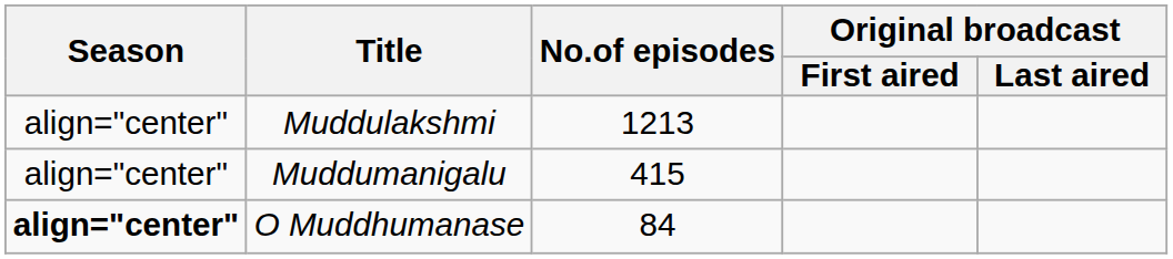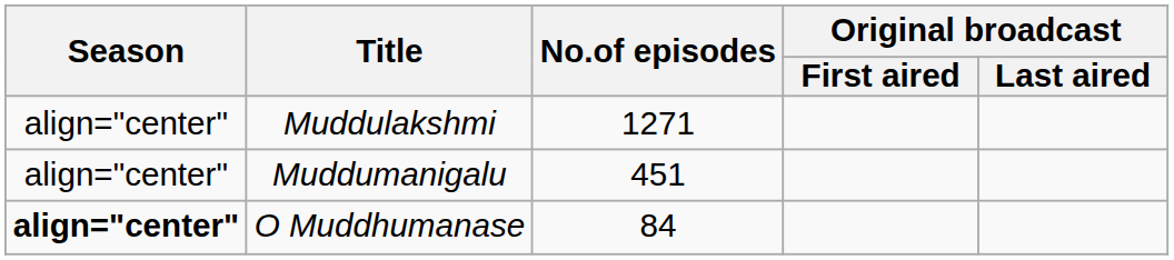 <table class="wikitable" style="text-align:center">
 <tr>
 <th style="padding: 0 8px" rowspan="2">Season</th>
 <th style="padding: 0 8px" rowspan="2">Title</th>
 <th rowspan="2">No.of episodes</th>
 <th colspan="2">Original broadcast</th>
 </tr>
 <tr>
 <th style="padding: 0 8px">First aired</th>
 <th style="padding: 0 8px">Last aired</th>
 </tr>
 <tr>
 <td>align="center" </td>
 <td><em>Muddulakshmi</em></td>
-<td style="text-align:center;">1213</td>
+<td style="text-align:center;">1271</td>
 <td style="text-align:center;"></td>
 <td style="text-align:center;"></td>
 </tr>
 <tr>
 <td>align="center" </td>
 <td><em>Muddumanigalu</em></td>
-<td style="text-align:center;">415</td>
+<td style="text-align:center;">451</td>
 <td style="text-align:center;"></td>
 <td style="text-align:center;"></td>
 </tr>
 <tr>
 <td><strong>align="center" </strong></td>
 <td><em>O Muddhumanase</em></td>
 <td style="text-align:center;">84</td>
 <td style="text-align:center;"></td>
 <td style="text-align:center;"></td>
 </tr>
 </table>
